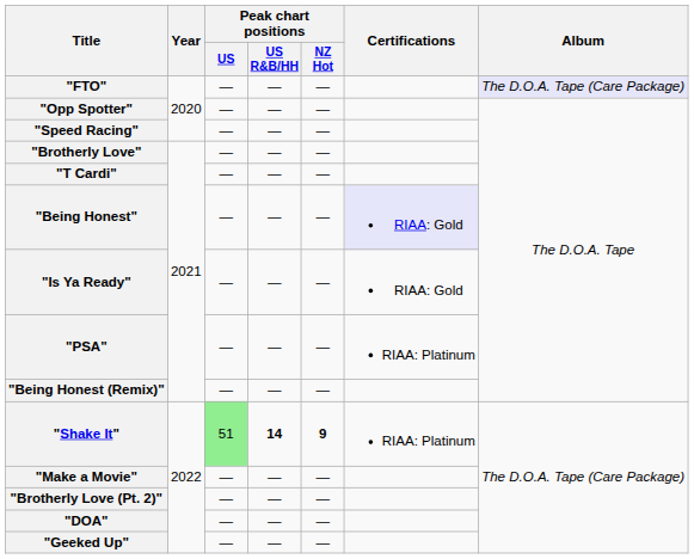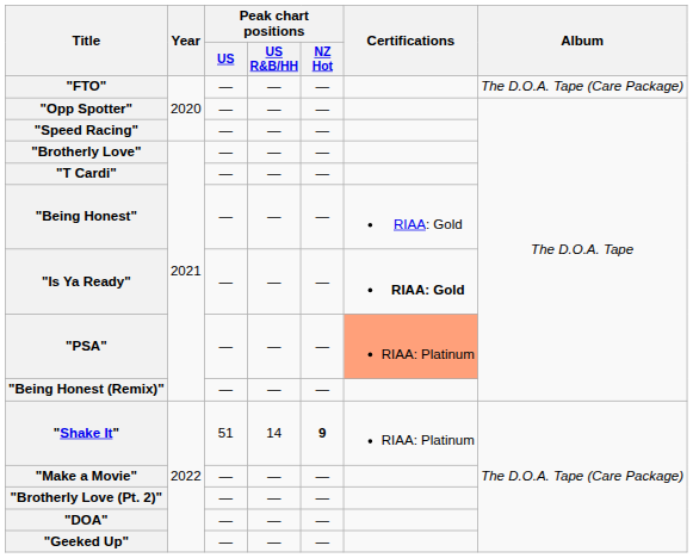 <table class="wikitable plainrowheaders" style="text-align:center;">
 <tr>
 <th scope="col" rowspan="2">Title</th>
 <th scope="col" rowspan="2">Year</th>
 <th scope="col" colspan="3">Peak chart positions</th>
 <th rowspan="2" scope="col">Certifications</th>
 <th rowspan="2" scope="col">Album</th>
 </tr>
 <tr>
 <th scope="col" style="width:3em;font-size:90%;"><a href='#'>US</a><br></th>
 <th scope="col" style="width:3em;font-size:90%;"><a href='#'>US<br>R&B/HH</a><br></th>
 <th scope="col" style="width:3em;font-size:90%;"><a href='#'>NZ<br>Hot</a><br></th>
 </tr>
 <tr>
 <th scope="row">"FTO"</th>
 <td rowspan="3">2020</td>
 <td>—</td>
 <td>—</td>
 <td>—</td>
 <td></td>
-<td style="background: lavender;"><em>The D.O.A. Tape (Care Package)</em></td>
+<td><em>The D.O.A. Tape (Care Package)</em></td>
 </tr>
 <tr>
 <th scope="row">"Opp Spotter"<br></th>
 <td>—</td>
 <td>—</td>
 <td>—</td>
 <td></td>
 <td rowspan="8"><em>The D.O.A. Tape</em></td>
 </tr>
 <tr>
 <th scope="row">"Speed Racing"<br></th>
 <td>—</td>
 <td>—</td>
 <td>—</td>
 <td></td>
 </tr>
 <tr>
 <th scope="row">"Brotherly Love"<br></th>
 <td rowspan="6">2021</td>
 <td>—</td>
 <td>—</td>
 <td>—</td>
 <td></td>
 </tr>
 <tr>
 <th scope="row">"T Cardi"<br></th>
 <td>—</td>
 <td>—</td>
 <td>—</td>
 <td></td>
 </tr>
 <tr>
 <th scope="row">"Being Honest"</th>
 <td>—</td>
 <td>—</td>
 <td>—</td>
-<td style="background: lavender;"><br><ul><li><a href='#'>RIAA</a>: Gold</li></ul></td>
+<td><br><ul><li><a href='#'>RIAA</a>: Gold</li></ul></td>
 </tr>
 <tr>
 <th scope="row">"Is Ya Ready"</th>
 <td>—</td>
 <td>—</td>
 <td>—</td>
-<td><br><ul><li>RIAA: Gold</li></ul></td>
+<td><strong><br><ul><li>RIAA: Gold</li></ul></strong></td>
 </tr>
 <tr>
 <th scope="row">"PSA"</th>
 <td>—</td>
 <td>—</td>
 <td>—</td>
-<td><br><ul><li>RIAA: Platinum</li></ul></td>
+<td style="background: lightsalmon;"><br><ul><li>RIAA: Platinum</li></ul></td>
 </tr>
 <tr>
 <th scope="row">"Being Honest (Remix)"<br></th>
 <td>—</td>
 <td>—</td>
 <td>—</td>
 <td></td>
 </tr>
 <tr>
 <th scope="row">"<a href='#'>Shake It</a>"<br></th>
 <td rowspan="5">2022</td>
-<td style="background: lightgreen;">51</td>
-<td><strong>14</strong></td>
+<td>51</td>
+<td>14</td>
 <td><strong>9</strong></td>
 <td><br><ul><li>RIAA: Platinum</li></ul></td>
 <td rowspan="5"><em>The D.O.A. Tape (Care Package)</em></td>
 </tr>
 <tr>
 <th scope="row">"Make a Movie"<br></th>
 <td>—</td>
 <td>—</td>
 <td>—</td>
 <td></td>
 </tr>
 <tr>
 <th scope="row">"Brotherly Love (Pt. 2)"<br></th>
 <td>—</td>
 <td>—</td>
 <td>—</td>
 <td></td>
 </tr>
 <tr>
 <th scope="row">"DOA"<br></th>
 <td>—</td>
 <td>—</td>
 <td>—</td>
 <td></td>
 </tr>
 <tr>
 <th scope="row">"Geeked Up"<br></th>
 <td>—</td>
 <td>—</td>
 <td>—</td>
 <td></td>
 </tr>
 </table>
